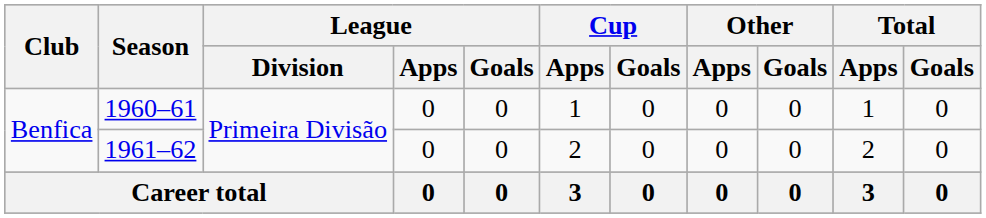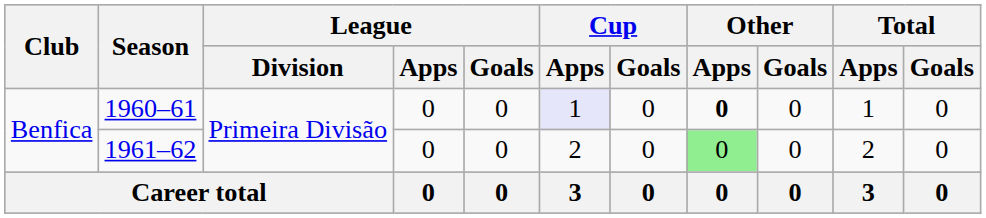 <table class="wikitable" style="text-align: center">
 <tr>
 <th rowspan="2">Club</th>
 <th rowspan="2">Season</th>
 <th colspan="3">League</th>
 <th colspan="2"><a href='#'>Cup</a></th>
 <th colspan="2">Other</th>
 <th colspan="2">Total</th>
 </tr>
 <tr>
 <th>Division</th>
 <th>Apps</th>
 <th>Goals</th>
 <th>Apps</th>
 <th>Goals</th>
 <th>Apps</th>
 <th>Goals</th>
 <th>Apps</th>
 <th>Goals</th>
 </tr>
 <tr>
 <td rowspan="2"><a href='#'>Benfica</a></td>
 <td><a href='#'>1960–61</a></td>
 <td rowspan="2"><a href='#'>Primeira Divisão</a></td>
 <td>0</td>
 <td>0</td>
-<td>1</td>
+<td style="background: lavender;">1</td>
 <td>0</td>
-<td>0</td>
+<td><strong>0</strong></td>
 <td>0</td>
 <td>1</td>
 <td>0</td>
 </tr>
 <tr>
 <td><a href='#'>1961–62</a></td>
 <td>0</td>
 <td>0</td>
 <td>2</td>
 <td>0</td>
-<td>0</td>
+<td style="background: lightgreen;">0</td>
 <td>0</td>
 <td>2</td>
 <td>0</td>
 </tr>
 <tr>
 <th colspan="3"><strong>Career total</strong></th>
 <th>0</th>
 <th>0</th>
 <th>3</th>
 <th>0</th>
 <th>0</th>
 <th>0</th>
 <th>3</th>
 <th>0</th>
 </tr>
 </table>
